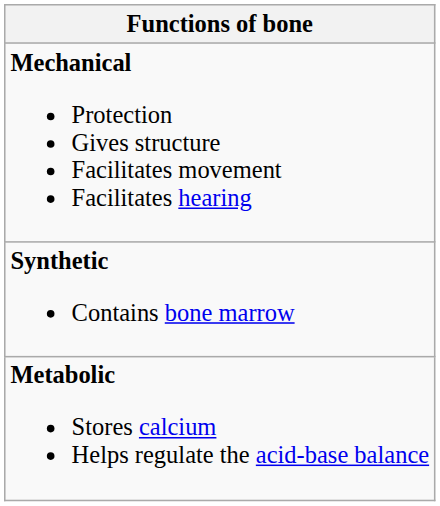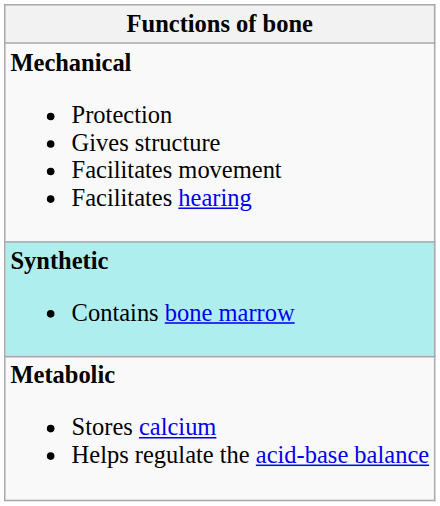 <table class="wikitable floatright">
 <tr>
 <th>Functions of bone</th>
 </tr>
 <tr>
 <td><strong>Mechanical</strong><br><ul><li>Protection</li><li>Gives structure</li><li>Facilitates movement</li><li>Facilitates <a href='#'>hearing</a></li></ul></td>
 </tr>
 <tr>
-<td><strong>Synthetic</strong><br><ul><li>Contains <a href='#'>bone marrow</a></li></ul></td>
+<td style="background: paleturquoise;"><strong>Synthetic</strong><br><ul><li>Contains <a href='#'>bone marrow</a></li></ul></td>
 </tr>
 <tr>
 <td><strong>Metabolic</strong><br><ul><li>Stores <a href='#'>calcium</a></li><li>Helps regulate the <a href='#'>acid-base balance</a></li></ul></td>
 </tr>
 </table>
